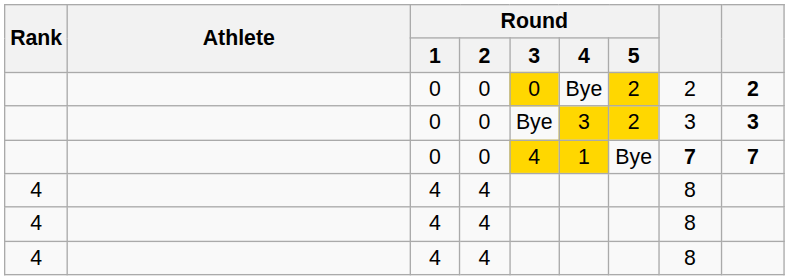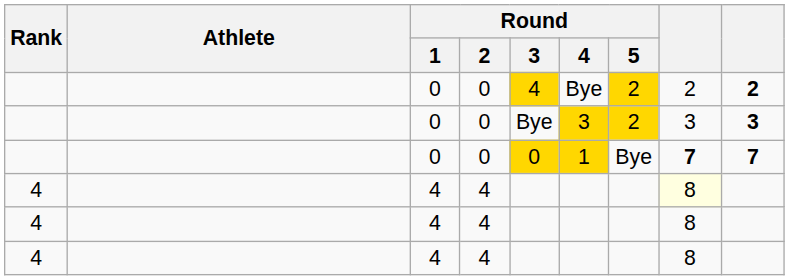 <table class="wikitable" style="text-align: center;">
 <tr>
 <th rowspan="2" width=40>Rank</th>
 <th rowspan="2" width=250>Athlete</th>
 <th colspan="5">Round</th>
 <th rowspan="2" width=40></th>
 <th rowspan="2" width=40></th>
 </tr>
 <tr>
 <th width=30>1</th>
 <th width=30>2</th>
 <th width=30>3</th>
 <th width=30>4</th>
 <th width=30>5</th>
 </tr>
 <tr>
 <td></td>
 <td align="left"></td>
 <td>0</td>
 <td>0</td>
-<td bgcolor=gold>0</td>
+<td bgcolor=gold>4</td>
 <td>Bye</td>
 <td bgcolor=gold>2</td>
 <td>2</td>
 <td><strong>2</strong></td>
 </tr>
 <tr>
 <td></td>
 <td align="left"></td>
 <td>0</td>
 <td>0</td>
 <td>Bye</td>
 <td bgcolor=gold>3</td>
 <td bgcolor=gold>2</td>
 <td>3</td>
 <td><strong>3</strong></td>
 </tr>
 <tr>
 <td></td>
 <td align="left"></td>
 <td>0</td>
 <td>0</td>
-<td bgcolor=gold>4</td>
+<td bgcolor=gold>0</td>
 <td bgcolor=gold>1</td>
 <td>Bye</td>
 <td><strong>7</strong></td>
 <td><strong>7</strong></td>
 </tr>
 <tr>
 <td>4</td>
 <td align="left"></td>
 <td>4</td>
 <td>4</td>
 <td></td>
 <td></td>
 <td></td>
-<td>8</td>
+<td style="background: lightyellow;">8</td>
 <td></td>
 </tr>
 <tr>
 <td>4</td>
 <td align="left"></td>
 <td>4</td>
 <td>4</td>
 <td></td>
 <td></td>
 <td></td>
 <td>8</td>
 <td></td>
 </tr>
 <tr>
 <td>4</td>
 <td align="left"></td>
 <td>4</td>
 <td>4</td>
 <td></td>
 <td></td>
 <td></td>
 <td>8</td>
 <td></td>
 </tr>
 </table>
